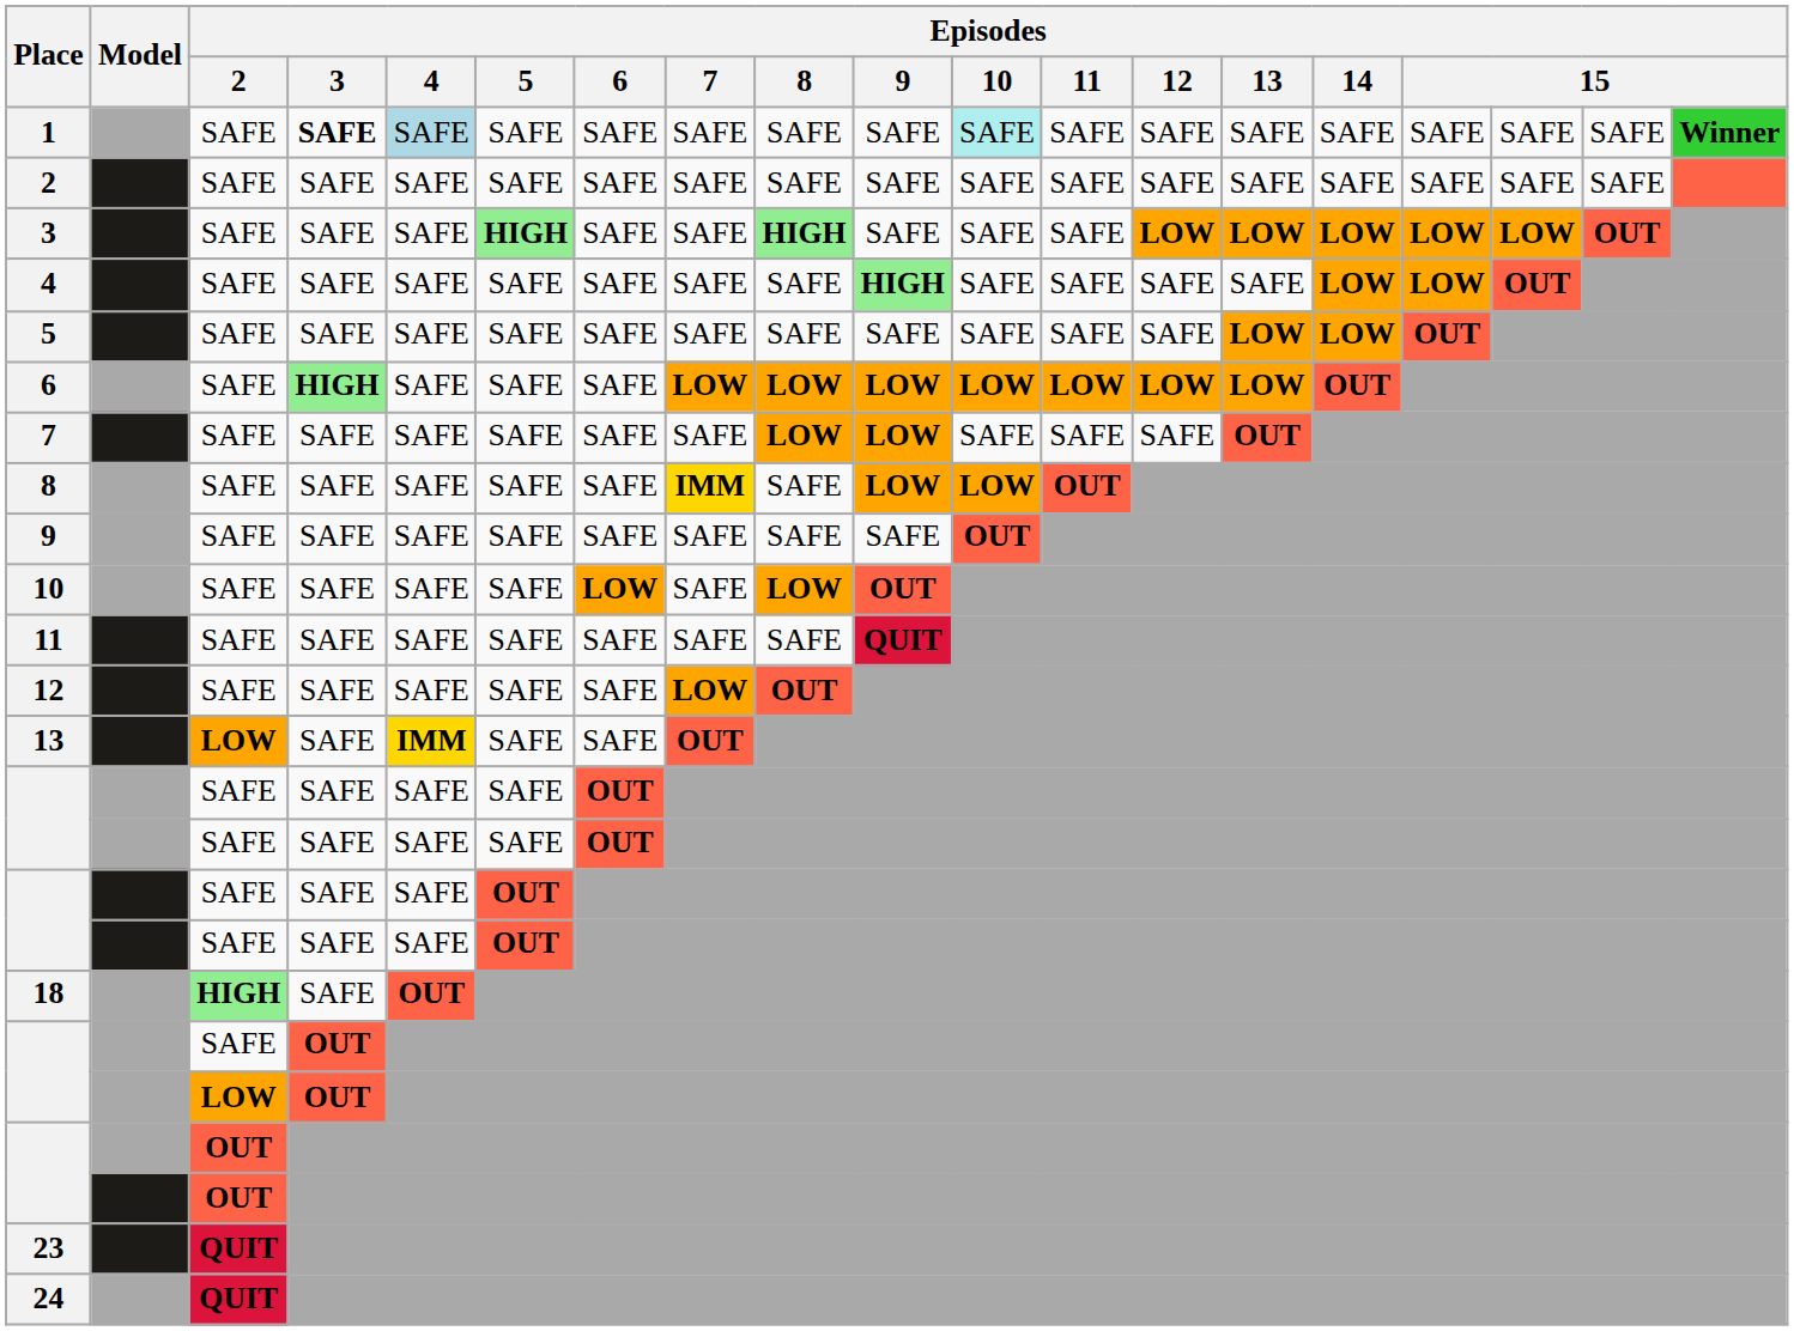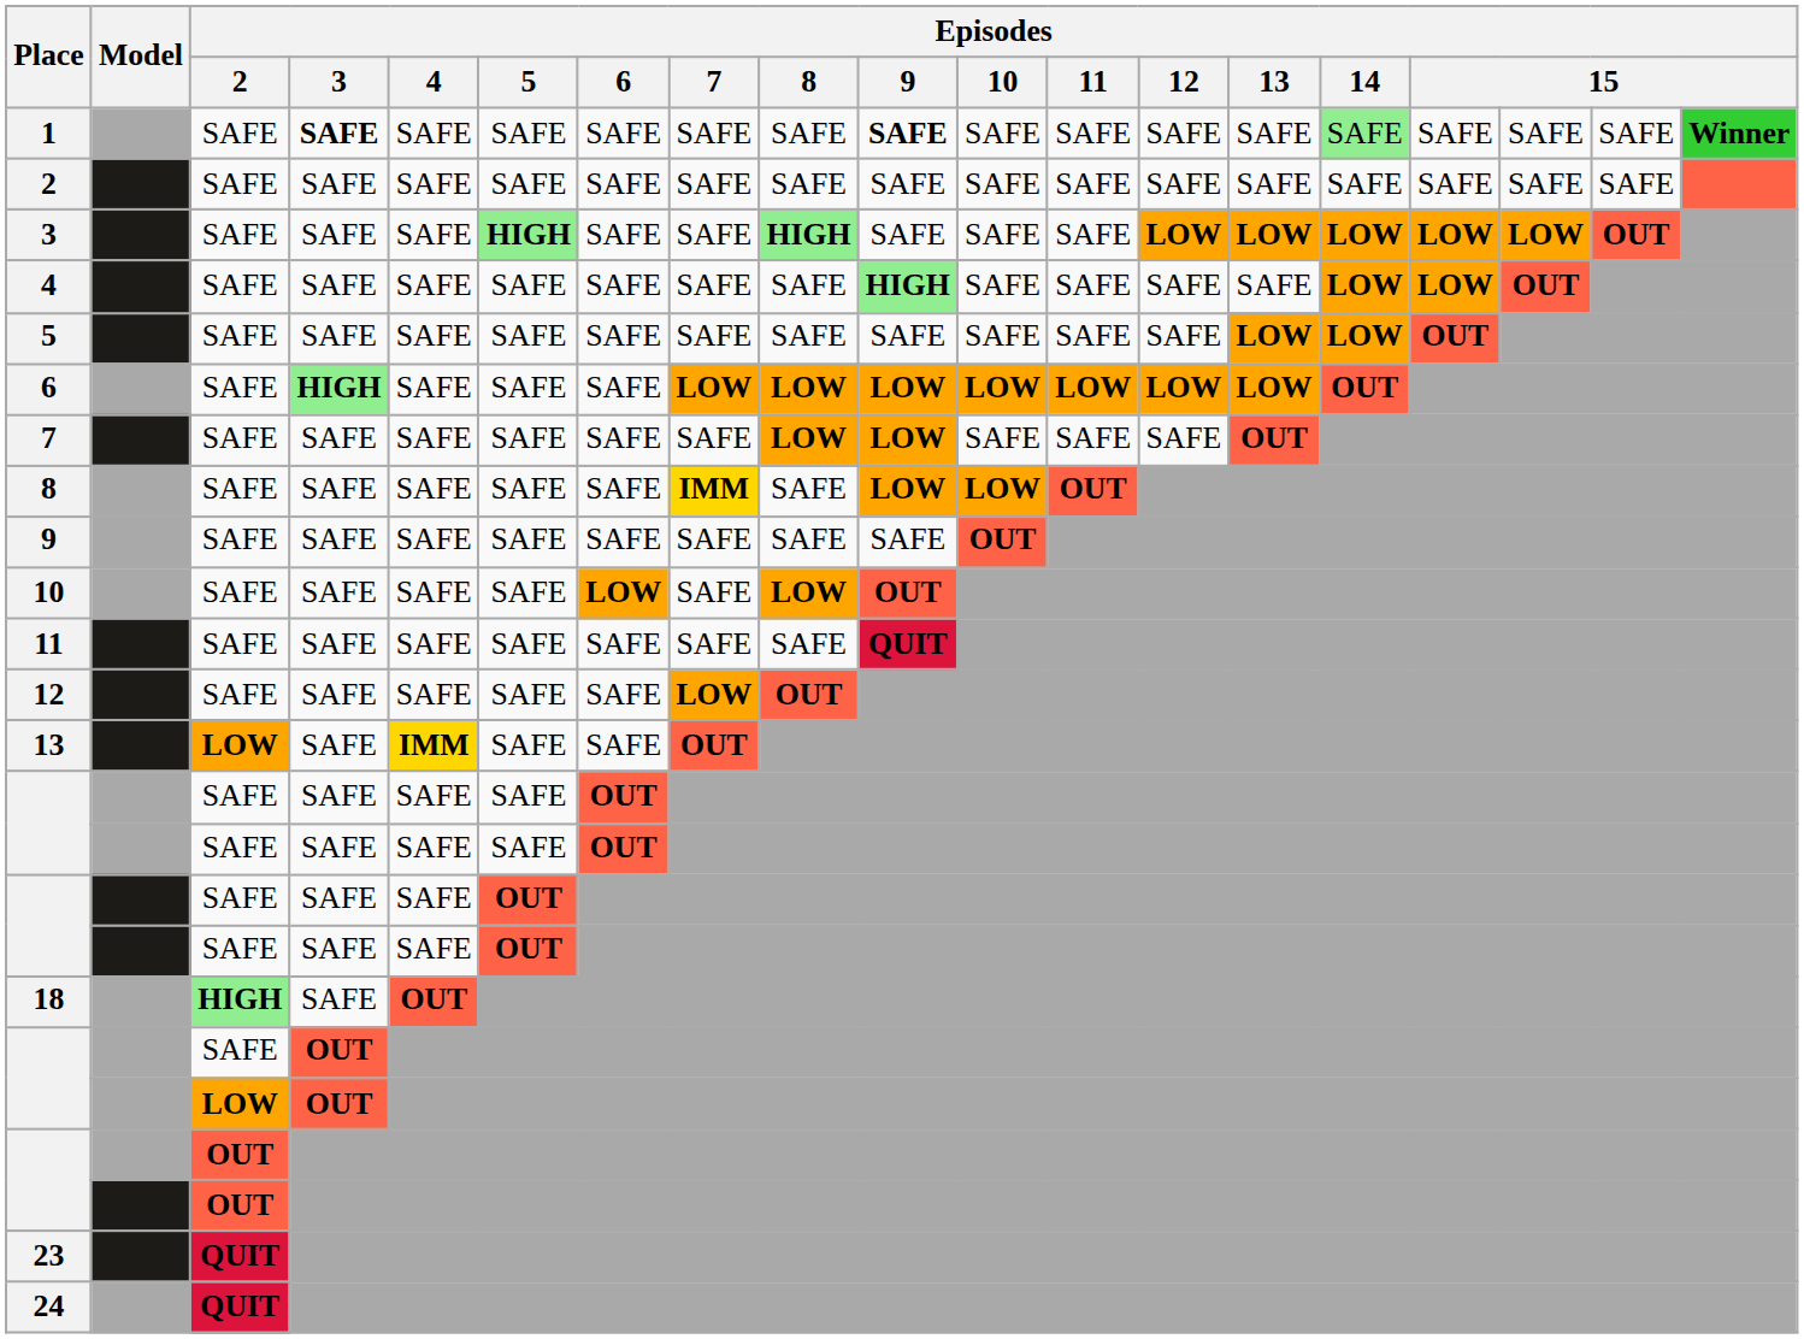 <table class="wikitable" style="width:50%; text-align:center; font-size:80%;">
 <tr>
 <th rowspan="2">Place</th>
 <th rowspan="2">Model</th>
 <th colspan="18">Episodes</th>
 </tr>
 <tr>
 <th>2</th>
 <th>3</th>
 <th>4</th>
 <th>5</th>
 <th>6</th>
 <th>7</th>
 <th>8</th>
 <th>9</th>
 <th>10</th>
 <th>11</th>
 <th>12</th>
 <th>13</th>
 <th>14</th>
 <th colspan="4">15</th>
 </tr>
 <tr>
 <th>1</th>
 <td bgcolor="darkgray"></td>
 <td>SAFE</td>
 <td><strong>SAFE</strong></td>
-<td style="background: lightblue;">SAFE</td>
 <td>SAFE</td>
 <td>SAFE</td>
 <td>SAFE</td>
 <td>SAFE</td>
 <td>SAFE</td>
-<td style="background: paleturquoise;">SAFE</td>
+<td><strong>SAFE</strong></td>
 <td>SAFE</td>
 <td>SAFE</td>
 <td>SAFE</td>
 <td>SAFE</td>
+<td style="background: lightgreen;">SAFE</td>
 <td>SAFE</td>
 <td>SAFE</td>
 <td>SAFE</td>
 <td style="background:limegreen;"><strong>Winner</strong></td>
 </tr>
 <tr>
 <th>2</th>
 <td bgcolor="#1c1b18"></td>
 <td>SAFE</td>
 <td>SAFE</td>
 <td>SAFE</td>
 <td>SAFE</td>
 <td>SAFE</td>
 <td>SAFE</td>
 <td>SAFE</td>
 <td>SAFE</td>
 <td>SAFE</td>
 <td>SAFE</td>
 <td>SAFE</td>
 <td>SAFE</td>
 <td>SAFE</td>
 <td>SAFE</td>
 <td>SAFE</td>
 <td>SAFE</td>
 <td style="background:tomato;"></td>
 </tr>
 <tr>
 <th>3</th>
 <td bgcolor="#1c1b18"></td>
 <td>SAFE</td>
 <td>SAFE</td>
 <td>SAFE</td>
 <td style="background:lightgreen;"><strong>HIGH</strong></td>
 <td>SAFE</td>
 <td>SAFE</td>
 <td style="background:lightgreen;"><strong>HIGH</strong></td>
 <td>SAFE</td>
 <td>SAFE</td>
 <td>SAFE</td>
 <td style="background:orange;"><strong>LOW</strong></td>
 <td style="background:orange;"><strong>LOW</strong></td>
 <td style="background:orange;"><strong>LOW</strong></td>
 <td style="background:orange;"><strong>LOW</strong></td>
 <td style="background:orange;"><strong>LOW</strong></td>
 <td style="background:tomato;"><strong>OUT</strong></td>
 <td style="background:darkgrey;" colspan="12"></td>
 </tr>
 <tr>
 <th>4</th>
 <td bgcolor="#1c1b18"></td>
 <td>SAFE</td>
 <td>SAFE</td>
 <td>SAFE</td>
 <td>SAFE</td>
 <td>SAFE</td>
 <td>SAFE</td>
 <td>SAFE</td>
 <td style="background:lightgreen;"><strong>HIGH</strong></td>
 <td>SAFE</td>
 <td>SAFE</td>
 <td>SAFE</td>
 <td>SAFE</td>
 <td style="background:orange;"><strong>LOW</strong></td>
 <td style="background:orange;"><strong>LOW</strong></td>
 <td style="background:tomato;"><strong>OUT</strong></td>
 <td style="background:darkgrey;" colspan="12"></td>
 </tr>
 <tr>
 <th>5</th>
 <td bgcolor="#1c1b18"></td>
 <td>SAFE</td>
 <td>SAFE</td>
 <td>SAFE</td>
 <td>SAFE</td>
 <td>SAFE</td>
 <td>SAFE</td>
 <td>SAFE</td>
 <td>SAFE</td>
 <td>SAFE</td>
 <td>SAFE</td>
 <td>SAFE</td>
 <td style="background:orange;"><strong>LOW</strong></td>
 <td style="background:orange;"><strong>LOW</strong></td>
 <td style="background:tomato;"><strong>OUT</strong></td>
 <td style="background:darkgrey;" colspan="12"></td>
 </tr>
 <tr>
 <th>6</th>
 <td bgcolor="darkgray"></td>
 <td>SAFE</td>
 <td style="background:lightgreen;"><strong>HIGH</strong></td>
 <td>SAFE</td>
 <td>SAFE</td>
 <td>SAFE</td>
 <td style="background:orange;"><strong>LOW</strong></td>
 <td style="background:orange;"><strong>LOW</strong></td>
 <td style="background:orange;"><strong>LOW</strong></td>
 <td style="background:orange;"><strong>LOW</strong></td>
 <td style="background:orange;"><strong>LOW</strong></td>
 <td style="background:orange;"><strong>LOW</strong></td>
 <td style="background:orange;"><strong>LOW</strong></td>
 <td style="background:tomato;"><strong>OUT</strong></td>
 <td style="background:darkgrey;" colspan="12"></td>
 </tr>
 <tr>
 <th>7</th>
 <td bgcolor="#1c1b18"></td>
 <td>SAFE</td>
 <td>SAFE</td>
 <td>SAFE</td>
 <td>SAFE</td>
 <td>SAFE</td>
 <td>SAFE</td>
 <td style="background:orange;"><strong>LOW</strong></td>
 <td style="background:orange;"><strong>LOW</strong></td>
 <td>SAFE</td>
 <td>SAFE</td>
 <td>SAFE</td>
 <td style="background:tomato;"><strong>OUT</strong></td>
 <td style="background:darkgrey;" colspan="12"></td>
 </tr>
 <tr>
 <th>8</th>
 <td bgcolor="darkgray"></td>
 <td>SAFE</td>
 <td>SAFE</td>
 <td>SAFE</td>
 <td>SAFE</td>
 <td>SAFE</td>
 <td style="background:gold;"><strong>IMM</strong></td>
 <td>SAFE</td>
 <td style="background:orange;"><strong>LOW</strong></td>
 <td style="background:orange;"><strong>LOW</strong></td>
 <td style="background:tomato;"><strong>OUT</strong></td>
 <td style="background:darkgrey;" colspan="12"></td>
 </tr>
 <tr>
 <th>9</th>
 <td bgcolor="darkgray"></td>
 <td>SAFE</td>
 <td>SAFE</td>
 <td>SAFE</td>
 <td>SAFE</td>
 <td>SAFE</td>
 <td>SAFE</td>
 <td>SAFE</td>
 <td>SAFE</td>
 <td style="background:tomato;"><strong>OUT</strong></td>
 <td style="background:darkgrey;" colspan="12"></td>
 </tr>
 <tr>
 <th>10</th>
 <td bgcolor="darkgray"></td>
 <td>SAFE</td>
 <td>SAFE</td>
 <td>SAFE</td>
 <td>SAFE</td>
 <td style="background:orange;"><strong>LOW</strong></td>
 <td>SAFE</td>
 <td style="background:orange;"><strong>LOW</strong></td>
 <td style="background:tomato;"><strong>OUT</strong></td>
 <td style="background:darkgrey;" colspan="12"></td>
 </tr>
 <tr>
 <th>11</th>
 <td bgcolor="#1c1b18"></td>
 <td>SAFE</td>
 <td>SAFE</td>
 <td>SAFE</td>
 <td>SAFE</td>
 <td>SAFE</td>
 <td>SAFE</td>
 <td>SAFE</td>
 <td style="background:crimson;"><span><strong>QUIT</strong></span></td>
 <td style="background:darkgrey;" colspan="15"></td>
 </tr>
 <tr>
 <th>12</th>
 <td bgcolor="#1c1b18"></td>
 <td>SAFE</td>
 <td>SAFE</td>
 <td>SAFE</td>
 <td>SAFE</td>
 <td>SAFE</td>
 <td style="background:orange;"><strong>LOW</strong></td>
 <td style="background:tomato;"><strong>OUT</strong></td>
 <td style="background:darkgrey;" colspan="15"></td>
 </tr>
 <tr>
 <th>13</th>
 <td bgcolor="#1c1b18"></td>
 <td style="background:orange;"><strong>LOW</strong></td>
 <td>SAFE</td>
 <td style="background:gold;"><strong>IMM</strong></td>
 <td>SAFE</td>
 <td>SAFE</td>
 <td style="background:tomato;"><strong>OUT</strong></td>
 <td style="background:darkgrey;" colspan="15"></td>
 </tr>
 <tr>
 <th rowspan="2"></th>
 <td bgcolor="darkgray"></td>
 <td>SAFE</td>
 <td>SAFE</td>
 <td>SAFE</td>
 <td>SAFE</td>
 <td style="background:tomato;"><strong>OUT</strong></td>
 <td style="background:darkgrey;" colspan="15"></td>
 </tr>
 <tr>
 <td bgcolor="darkgray"></td>
 <td>SAFE</td>
 <td>SAFE</td>
 <td>SAFE</td>
 <td>SAFE</td>
 <td style="background:tomato;"><strong>OUT</strong></td>
 <td style="background:darkgrey;" colspan="15"></td>
 </tr>
 <tr>
 <th rowspan="2"></th>
 <td bgcolor="#1c1b18"></td>
 <td>SAFE</td>
 <td>SAFE</td>
 <td>SAFE</td>
 <td style="background:tomato;"><strong>OUT</strong></td>
 <td style="background:darkgrey;" colspan="15"></td>
 </tr>
 <tr>
 <td bgcolor="#1c1b18"></td>
 <td>SAFE</td>
 <td>SAFE</td>
 <td>SAFE</td>
 <td style="background:tomato;"><strong>OUT</strong></td>
 <td style="background:darkgrey;" colspan="15"></td>
 </tr>
 <tr>
 <th>18</th>
 <td bgcolor="darkgray"></td>
 <td style="background:lightgreen;"><strong>HIGH</strong></td>
 <td>SAFE</td>
 <td style="background:tomato;"><strong>OUT</strong></td>
 <td style="background:darkgrey;" colspan="15"></td>
 </tr>
 <tr>
 <th rowspan="2"></th>
 <td bgcolor="darkgray"></td>
 <td>SAFE</td>
 <td style="background:tomato;"><strong>OUT</strong></td>
 <td style="background:darkgrey;" colspan="15"></td>
 </tr>
 <tr>
 <td bgcolor="darkgray"></td>
 <td style="background:orange;"><strong>LOW</strong></td>
 <td style="background:tomato;"><strong>OUT</strong></td>
 <td style="background:darkgrey;" colspan="15"></td>
 </tr>
 <tr>
 <th rowspan="2"></th>
 <td bgcolor="darkgray"></td>
 <td style="background:tomato;"><strong>OUT</strong></td>
 <td style="background:darkgrey;" colspan="18"></td>
 </tr>
 <tr>
 <td bgcolor="#1c1b18"></td>
 <td style="background:tomato;"><strong>OUT</strong></td>
 <td style="background:darkgrey;" colspan="18"></td>
 </tr>
 <tr>
 <th>23</th>
 <td bgcolor="#1c1b18"></td>
 <td style="background:crimson;"><span><strong>QUIT</strong></span></td>
 <td style="background:darkgrey;" colspan="18"></td>
 </tr>
 <tr>
 <th>24</th>
 <td bgcolor="darkgray"></td>
 <td style="background:crimson;"><span><strong>QUIT</strong></span></td>
 <td style="background:darkgrey;" colspan="18"></td>
 </tr>
 </table>
